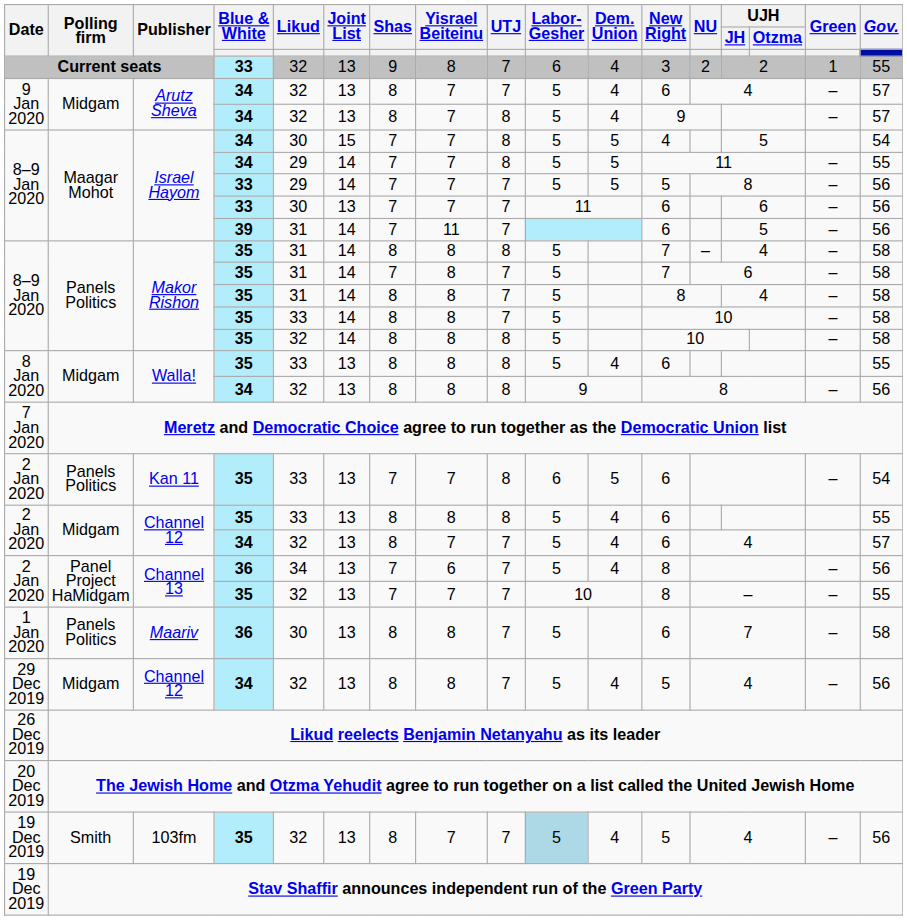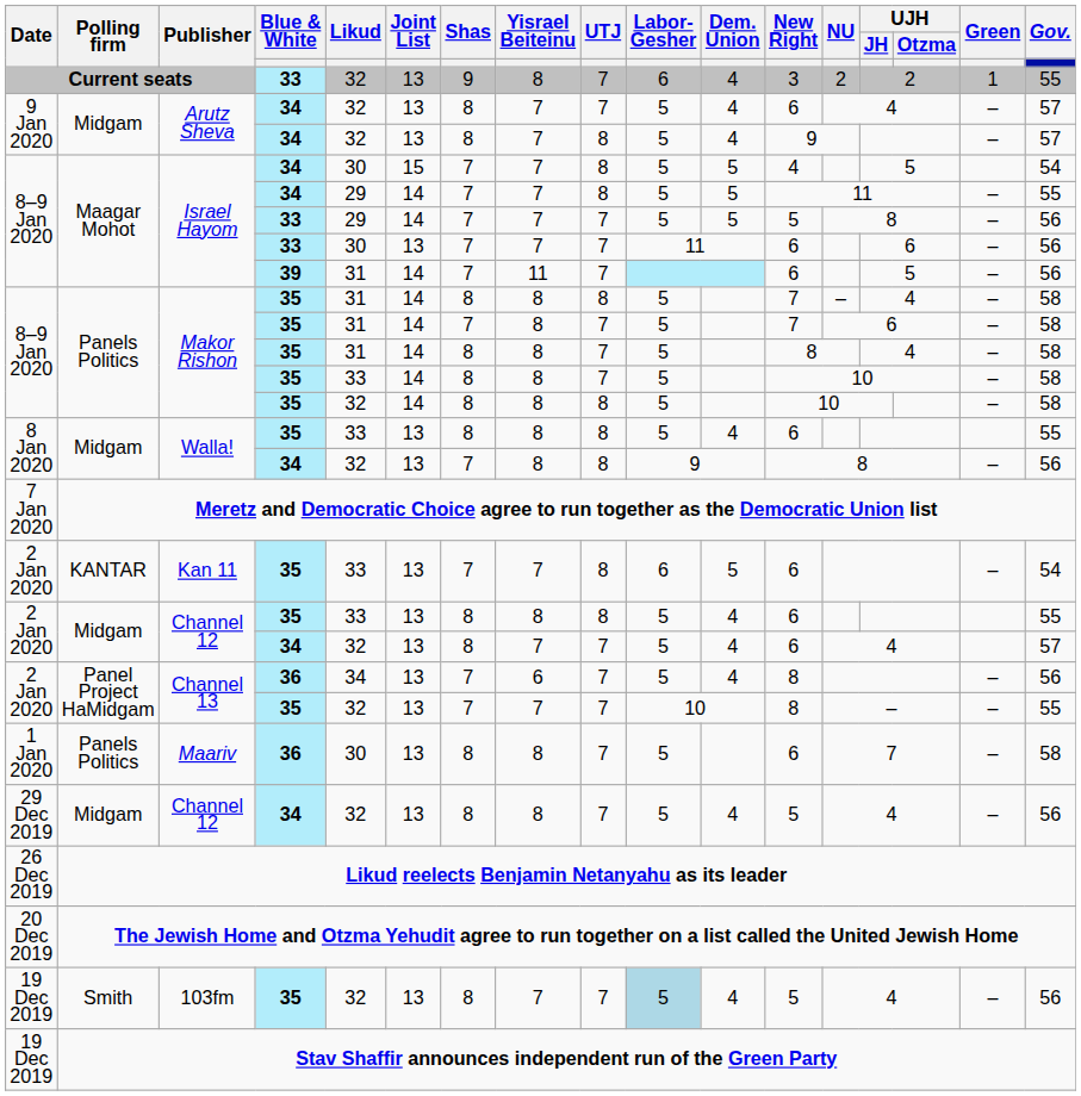 <table class="wikitable sortable" style="text-align:center;font-size:90%;line-height:13px">
 <tr>
 <th rowspan=3>Date</th>
 <th rowspan=3>Polling firm</th>
 <th rowspan=3>Publisher</th>
 <th rowspan=2><a href='#'>Blue &<br>White</a></th>
 <th rowspan=2><a href='#'>Likud</a></th>
 <th rowspan=2><a href='#'>Joint<br>List</a></th>
 <th rowspan=2><a href='#'>Shas</a></th>
 <th rowspan=2><a href='#'>Yisrael<br>Beiteinu</a></th>
 <th rowspan=2><a href='#'>UTJ</a></th>
 <th rowspan=2><a href='#'>Labor-<br>Gesher</a></th>
 <th rowspan=2><a href='#'>Dem.<br>Union</a></th>
 <th rowspan=2><a href='#'>New<br>Right</a></th>
 <th rowspan=2><a href='#'>NU</a></th>
 <th colspan=2>UJH</th>
 <th rowspan=2><a href='#'>Green</a></th>
 <th rowspan=2><a href='#'><em>Gov.</em></a></th>
 </tr>
 <tr>
 <th><a href='#'>JH</a></th>
 <th><a href='#'>Otzma</a></th>
 </tr>
 <tr>
 <th style="background:"></th>
 <th style="background:"></th>
 <th style="background:"></th>
 <th style="background:"></th>
 <th style="background:"></th>
 <th style="background:"></th>
 <th style="background:"></th>
 <th style="background:"></th>
 <th style="background:"></th>
 <th style="background:"></th>
 <th style="background:"></th>
 <th style="background:"></th>
 <th style="background:"></th>
 <th style="background:#000EA3;"></th>
 </tr>
 <tr style="background:silver">
 <td colspan=3><strong>Current seats</strong></td>
 <td style="background:#B2EDFB"><strong>33</strong>	</td>
 <td>32					</td>
 <td>13					</td>
 <td>9					</td>
 <td>8					</td>
 <td>7					</td>
 <td>6					</td>
 <td>4					</td>
 <td>3					</td>
 <td>2					</td>
 <td colspan=2>2				</td>
 <td>1					</td>
 <td>55					</td>
 </tr>
 <tr>
 <td rowspan=2 data-sort-value="2020-01-09">9 Jan 2020</td>
 <td rowspan=2>Midgam</td>
 <td rowspan=2><em><a href='#'>Arutz Sheva</a></em></td>
 <td style="background:#B2EDFB"><strong>34</strong>	</td>
 <td>32					</td>
 <td>13					</td>
 <td>8					</td>
 <td>7					</td>
 <td>7					</td>
 <td>5					</td>
 <td>4					</td>
 <td>6					</td>
 <td colspan=3>4				</td>
 <td>–					</td>
 <td>57					</td>
 </tr>
 <tr>
 <td style="background:#B2EDFB"><strong>34</strong>	</td>
 <td>32					</td>
 <td>13					</td>
 <td>8					</td>
 <td>7					</td>
 <td>8					</td>
 <td>5					</td>
 <td>4					</td>
 <td colspan=2>9				</td>
 <td colspan=2>		</td>
 <td>–					</td>
 <td>57					</td>
 </tr>
 <tr>
 <td rowspan=5 data-sort-value="2020-01-09">8–9 Jan 2020</td>
 <td rowspan=5>Maagar Mohot</td>
 <td rowspan=5><em><a href='#'>Israel Hayom</a></em></td>
 <td style="background:#B2EDFB"><strong>34</strong>	</td>
 <td>30					</td>
 <td>15					</td>
 <td>7					</td>
 <td>7					</td>
 <td>8					</td>
 <td>5					</td>
 <td>5					</td>
 <td>4					</td>
 <td>				</td>
 <td colspan=2>5				</td>
 <td>			</td>
 <td>54					</td>
 </tr>
 <tr>
 <td style="background:#B2EDFB"><strong>34</strong>	</td>
 <td>29					</td>
 <td>14					</td>
 <td>7					</td>
 <td>7					</td>
 <td>8					</td>
 <td>5					</td>
 <td>5					</td>
 <td colspan=4>11				</td>
 <td>–					</td>
 <td>55					</td>
 </tr>
 <tr>
 <td style="background:#B2EDFB"><strong>33</strong>	</td>
 <td>29					</td>
 <td>14					</td>
 <td>7					</td>
 <td>7					</td>
 <td>7					</td>
 <td>5					</td>
 <td>5					</td>
 <td>5					</td>
 <td colspan=3>8				</td>
 <td>–					</td>
 <td>56					</td>
 </tr>
 <tr>
 <td style="background:#B2EDFB"><strong>33</strong>	</td>
 <td>30					</td>
 <td>13					</td>
 <td>7					</td>
 <td>7					</td>
 <td>7					</td>
 <td colspan=2>11				</td>
 <td>6					</td>
 <td>				</td>
 <td colspan=2>6				</td>
 <td>–					</td>
 <td>56					</td>
 </tr>
 <tr>
 <td style="background:#B2EDFB"><strong>39</strong><br>					</td>
 <td>31					</td>
 <td>14					</td>
 <td>7					</td>
 <td>11					</td>
 <td>7					</td>
 <td style="background:#B2EDFB" colspan=2><br>					</td>
 <td>6					</td>
 <td>				</td>
 <td colspan=2>5				</td>
 <td>–					</td>
 <td>56					</td>
 </tr>
 <tr>
 <td rowspan=5 data-sort-value="2020-01-09">8–9 Jan 2020</td>
 <td rowspan=5>Panels Politics</td>
 <td rowspan=5><em><a href='#'>Makor Rishon</a></em></td>
 <td style="background:#B2EDFB"><strong>35</strong>	</td>
 <td>31					</td>
 <td>14					</td>
 <td>8					</td>
 <td>8					</td>
 <td>8					</td>
 <td>5					</td>
 <td>			</td>
 <td>7					</td>
 <td>–					</td>
 <td colspan=2>4				</td>
 <td>–					</td>
 <td>58					</td>
 </tr>
 <tr>
 <td style="background:#B2EDFB"><strong>35</strong>	</td>
 <td>31					</td>
 <td>14					</td>
 <td>7					</td>
 <td>8					</td>
 <td>7					</td>
 <td>5					</td>
 <td>			</td>
 <td>7					</td>
 <td colspan=3>6				</td>
 <td>–					</td>
 <td>58					</td>
 </tr>
 <tr>
 <td style="background:#B2EDFB"><strong>35</strong>	</td>
 <td>31					</td>
 <td>14					</td>
 <td>8					</td>
 <td>8					</td>
 <td>7					</td>
 <td>5					</td>
 <td>			</td>
 <td colspan=2>8				</td>
 <td colspan=2>4				</td>
 <td>–					</td>
 <td>58					</td>
 </tr>
 <tr>
 <td style="background:#B2EDFB"><strong>35</strong>	</td>
 <td>33					</td>
 <td>14					</td>
 <td>8					</td>
 <td>8					</td>
 <td>7					</td>
 <td>5					</td>
 <td>			</td>
 <td colspan=4>10				</td>
 <td>–					</td>
 <td>58					</td>
 </tr>
 <tr>
 <td style="background:#B2EDFB"><strong>35</strong>	</td>
 <td>32					</td>
 <td>14					</td>
 <td>8					</td>
 <td>8					</td>
 <td>8					</td>
 <td>5					</td>
 <td>			</td>
 <td colspan=3>10				</td>
 <td>			</td>
 <td>–					</td>
 <td>58					</td>
 </tr>
 <tr>
 <td rowspan=2 data-sort-value="2020-01-08">8 Jan 2020</td>
 <td rowspan=2>Midgam</td>
 <td rowspan=2><a href='#'>Walla!</a></td>
 <td style="background:#B2EDFB"><strong>35</strong>	</td>
 <td>33					</td>
 <td>13					</td>
 <td>8					</td>
 <td>8					</td>
 <td>8					</td>
 <td>5					</td>
 <td>4					</td>
 <td>6					</td>
 <td>			</td>
 <td colspan=2>		</td>
 <td>			</td>
 <td>55					</td>
 </tr>
 <tr>
 <td style="background:#B2EDFB"><strong>34</strong>	</td>
 <td>32					</td>
 <td>13					</td>
-<td>8					</td>
+<td>7					</td>
 <td>8					</td>
 <td>8					</td>
 <td colspan=2>9				</td>
 <td colspan=4>8				</td>
 <td>–					</td>
 <td>56					</td>
 </tr>
 <tr>
 <td data-sort-value="2019-01-07">7 Jan 2020</td>
 <td colspan=16><strong><a href='#'>Meretz</a> and <a href='#'>Democratic Choice</a> agree to run together as the <a href='#'>Democratic Union</a> list</strong></td>
 </tr>
 <tr>
 <td data-sort-value="2020-01-02">2 Jan 2020</td>
-<td>Panels Politics</td>
+<td>KANTAR</td>
 <td><a href='#'>Kan 11</a></td>
 <td style="background:#B2EDFB"><strong>35</strong>	</td>
 <td>33					</td>
 <td>13					</td>
 <td>7					</td>
 <td>7					</td>
 <td>8					</td>
 <td>6					</td>
 <td>5					</td>
 <td>6					</td>
 <td colspan=3>		</td>
 <td>–					</td>
 <td>54					</td>
 </tr>
 <tr>
 <td rowspan=2 data-sort-value="2020-01-02">2 Jan 2020</td>
 <td rowspan=2>Midgam</td>
 <td rowspan=2><a href='#'>Channel 12</a></td>
 <td style="background:#B2EDFB"><strong>35</strong>	</td>
 <td>33					</td>
 <td>13					</td>
 <td>8					</td>
 <td>8					</td>
 <td>8					</td>
 <td>5					</td>
 <td>4<br>					</td>
 <td>6					</td>
 <td>			</td>
 <td colspan=2>		</td>
 <td>			</td>
 <td>55					</td>
 </tr>
 <tr>
 <td style="background:#B2EDFB"><strong>34</strong>	</td>
 <td>32					</td>
 <td>13					</td>
 <td>8					</td>
 <td>7					</td>
 <td>7					</td>
 <td>5					</td>
 <td>4<br>					</td>
 <td>6					</td>
 <td colspan=3>4				</td>
 <td><br>					</td>
 <td>57					</td>
 </tr>
 <tr>
 <td rowspan=2 data-sort-value="2020-01-02">2 Jan 2020</td>
 <td rowspan=2>Panel Project HaMidgam</td>
 <td rowspan=2><a href='#'>Channel 13</a></td>
 <td style="background:#B2EDFB"><strong>36</strong>	</td>
 <td>34					</td>
 <td>13					</td>
 <td>7					</td>
 <td>6					</td>
 <td>7					</td>
 <td>5					</td>
 <td>4					</td>
 <td>8					</td>
 <td colspan=3>		</td>
 <td>–					</td>
 <td>56					</td>
 </tr>
 <tr>
 <td style="background:#B2EDFB"><strong>35</strong>	</td>
 <td>32					</td>
 <td>13					</td>
 <td>7					</td>
 <td>7					</td>
 <td>7					</td>
 <td colspan=2>10				</td>
 <td>8					</td>
 <td colspan=3>–				</td>
 <td>–					</td>
 <td>55					</td>
 </tr>
 <tr>
 <td data-sort-value="2020-01-01">1 Jan 2020</td>
 <td>Panels Politics</td>
 <td><em><a href='#'>Maariv</a></em></td>
 <td style="background:#B2EDFB"><strong>36</strong>	</td>
 <td>30					</td>
 <td>13					</td>
 <td>8					</td>
 <td>8					</td>
 <td>7					</td>
 <td>5					</td>
 <td>			</td>
 <td>6					</td>
 <td colspan=3>7				</td>
 <td>–					</td>
 <td>58					</td>
 </tr>
 <tr>
 <td data-sort-value="2019-12-29">29 Dec 2019</td>
 <td>Midgam</td>
 <td><a href='#'>Channel 12</a></td>
 <td style="background:#B2EDFB"><strong>34</strong>	</td>
 <td>32					</td>
 <td>13					</td>
 <td>8					</td>
 <td>8					</td>
 <td>7					</td>
 <td>5					</td>
 <td>4					</td>
 <td>5					</td>
 <td colspan=3>4				</td>
 <td>–					</td>
 <td>56					</td>
 </tr>
 <tr>
 <td data-sort-value="2019-12-26">26 Dec 2019</td>
 <td colspan=16><strong><a href='#'>Likud</a> <a href='#'>reelects</a> <a href='#'>Benjamin Netanyahu</a> as its leader</strong></td>
 </tr>
 <tr>
 <td data-sort-value="2019-12-20">20 Dec 2019</td>
 <td colspan=16><strong><a href='#'>The Jewish Home</a> and <a href='#'>Otzma Yehudit</a> agree to run together on a list called the United Jewish Home</strong></td>
 </tr>
 <tr>
 <td data-sort-value="2019-12-19">19 Dec 2019</td>
 <td>Smith</td>
 <td>103fm</td>
 <td style="background:#B2EDFB"><strong>35</strong>	</td>
 <td>32					</td>
 <td>13					</td>
 <td>8					</td>
 <td>7					</td>
 <td>7					</td>
 <td style="background: lightblue;">5					</td>
 <td>4					</td>
 <td>5					</td>
 <td colspan=3>4				</td>
 <td>–					</td>
 <td>56					</td>
 </tr>
 <tr>
 <td data-sort-value="2019-12-19">19 Dec 2019</td>
 <td colspan=16><strong><a href='#'>Stav Shaffir</a> announces independent run of the <a href='#'>Green Party</a></strong></td>
 </tr>
 </table>
